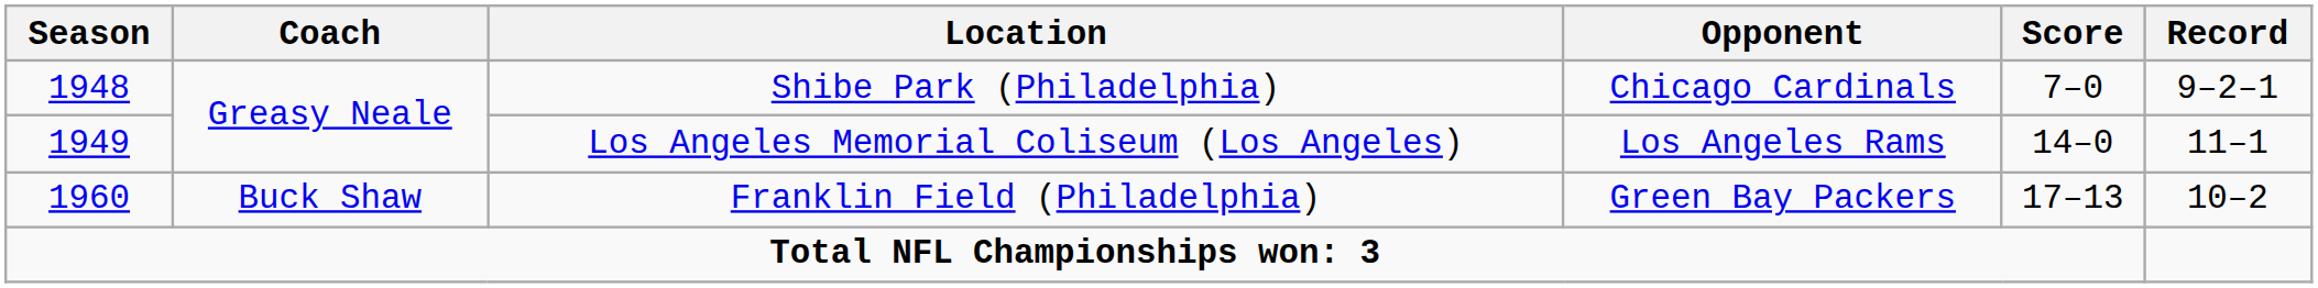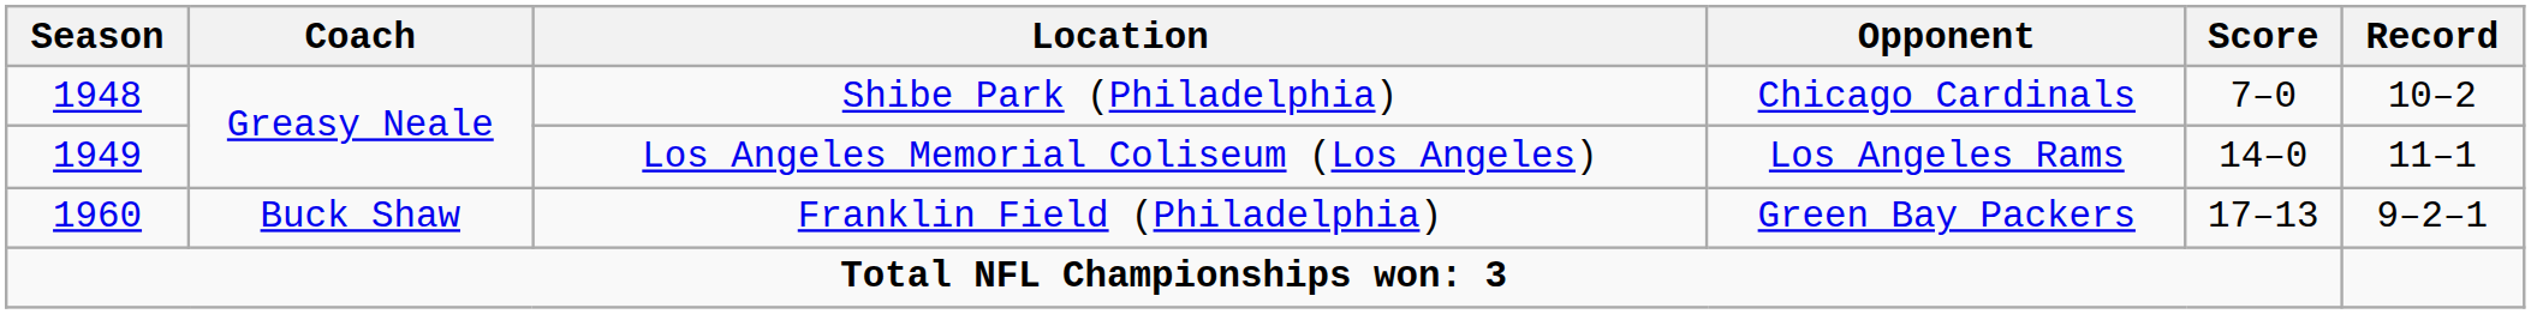 <table class="wikitable" style="width:70%;text-align:center">
 <tr>
 <th>Season</th>
 <th>Coach</th>
 <th>Location</th>
 <th>Opponent</th>
 <th>Score</th>
 <th>Record</th>
 </tr>
 <tr>
 <td><a href='#'>1948</a></td>
 <td rowspan="2"><a href='#'>Greasy Neale</a></td>
 <td><a href='#'>Shibe Park</a> (<a href='#'>Philadelphia</a>)</td>
 <td><a href='#'>Chicago Cardinals</a></td>
 <td>7–0</td>
-<td>9–2–1</td>
+<td>10–2</td>
 </tr>
 <tr>
 <td><a href='#'>1949</a></td>
 <td><a href='#'>Los Angeles Memorial Coliseum</a> (<a href='#'>Los Angeles</a>)</td>
 <td><a href='#'>Los Angeles Rams</a></td>
 <td>14–0</td>
 <td>11–1</td>
 </tr>
 <tr>
 <td><a href='#'>1960</a></td>
 <td><a href='#'>Buck Shaw</a></td>
 <td><a href='#'>Franklin Field</a> (<a href='#'>Philadelphia</a>)</td>
 <td><a href='#'>Green Bay Packers</a></td>
 <td>17–13</td>
-<td>10–2</td>
+<td>9–2–1</td>
 </tr>
 <tr>
 <td colspan="5"><strong>Total NFL Championships won: 3</strong></td>
 <td colspan="2"></td>
 </tr>
 </table>
